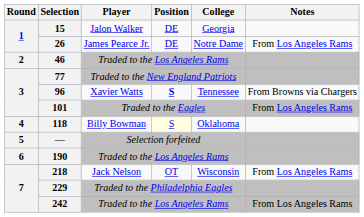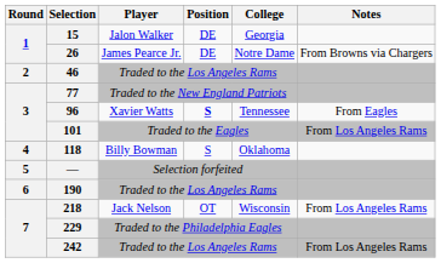 <table class="wikitable" style="text-align:center">
 <tr>
 <th>Round</th>
 <th>Selection</th>
 <th>Player</th>
 <th>Position</th>
 <th>College</th>
 <th>Notes</th>
 </tr>
 <tr>
 <th rowspan="2"><a href='#'>1</a></th>
 <th>15</th>
 <td><a href='#'>Jalon Walker</a></td>
 <td><a href='#'>DE</a></td>
 <td><a href='#'>Georgia</a></td>
 <td></td>
 </tr>
 <tr>
 <th>26</th>
 <td><a href='#'>James Pearce Jr.</a></td>
 <td><a href='#'>DE</a></td>
 <td><a href='#'>Notre Dame</a></td>
-<td>From <a href='#'>Los Angeles Rams</a></td>
+<td>From Browns via Chargers</td>
 </tr>
 <tr>
 <th>2</th>
 <th>46</th>
 <td colspan="3" style="background:#BFBFBF"><em>Traded to the <a href='#'>Los Angeles Rams</a></em></td>
 <td style="background:#BFBFBF"></td>
 </tr>
 <tr>
 <th rowspan="3">3</th>
 <th>77</th>
 <td colspan=3 style="background:#BFBFBF"><em>Traded to the <a href='#'>New England Patriots</a></em></td>
 <td style="background:#BFBFBF"></td>
 </tr>
 <tr>
 <th>96</th>
 <td><a href='#'>Xavier Watts</a></td>
 <td><strong><a href='#'>S</a></strong></td>
 <td><a href='#'>Tennessee</a></td>
-<td>From Browns via Chargers</td>
+<td>From <a href='#'>Eagles</a></td>
 </tr>
 <tr>
 <th>101</th>
 <td colspan="3" style="background:#BFBFBF"><em>Traded to the <a href='#'>Eagles</a></em></td>
 <td style="background:#BFBFBF">From <a href='#'>Los Angeles Rams</a></td>
 </tr>
 <tr>
 <th>4</th>
 <th>118</th>
 <td><a href='#'>Billy Bowman</a></td>
-<td style="background: lightyellow;"><a href='#'>S</a></td>
+<td><a href='#'>S</a></td>
 <td><a href='#'>Oklahoma</a></td>
 <td></td>
 </tr>
 <tr>
 <th>5</th>
 <th>—</th>
 <td colspan=3 style="background:#BFBFBF"><em>Selection forfeited</em></td>
 <td style="background:#BFBFBF"></td>
 </tr>
 <tr>
 <th>6</th>
 <th>190</th>
 <td colspan=3 style="background:#BFBFBF"><em>Traded to the <a href='#'>Los Angeles Rams</a></em></td>
 <td style="background:#BFBFBF"></td>
 </tr>
 <tr>
 <th rowspan="3">7</th>
 <th>218</th>
 <td><a href='#'>Jack Nelson</a></td>
 <td><a href='#'>OT</a></td>
 <td><a href='#'>Wisconsin</a></td>
 <td>From <a href='#'>Los Angeles Rams</a></td>
 </tr>
 <tr>
 <th>229</th>
 <td colspan=3 style="background:#BFBFBF"><em>Traded to the <a href='#'>Philadelphia Eagles</a></em></td>
 <td style="background:#BFBFBF"></td>
 </tr>
 <tr>
 <th>242</th>
 <td colspan="3" style="background:#BFBFBF"><em>Traded to the <a href='#'>Los Angeles Rams</a></em></td>
 <td style="background:#BFBFBF">From Los Angeles Rams</td>
 </tr>
 </table>
